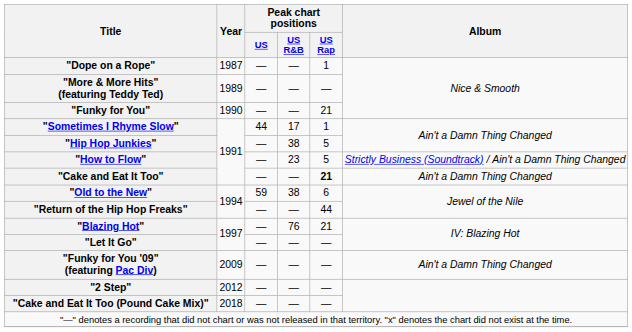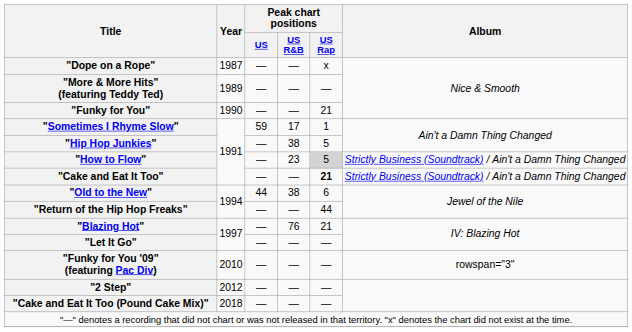 <table class="wikitable plainrowheaders" style="text-align:center;">
 <tr>
 <th rowspan="2" scope="col" style="width:20em;">Title</th>
 <th rowspan="2" scope="col">Year</th>
 <th colspan="3" scope="col">Peak chart positions</th>
 <th rowspan="2" scope="col">Album</th>
 </tr>
 <tr>
 <th scope="col" style="width:3em;font-size:90%;"><a href='#'>US</a><br></th>
 <th scope="col" style="width:3em;font-size:90%;"><a href='#'>US R&B</a><br></th>
 <th scope="col" style="width:3em;font-size:90%;"><a href='#'>US Rap</a><br></th>
 </tr>
 <tr>
 <th scope="row">"Dope on a Rope"</th>
 <td>1987</td>
 <td>—</td>
 <td>—</td>
-<td>1</td>
+<td>x</td>
 <td rowspan="3"><em>Nice & Smooth</em></td>
 </tr>
 <tr>
 <th scope="row">"More & More Hits"<br><span>(featuring Teddy Ted)</span></th>
 <td>1989</td>
 <td>—</td>
 <td>—</td>
 <td>—</td>
 </tr>
 <tr>
 <th scope="row">"Funky for You"</th>
 <td>1990</td>
 <td>—</td>
 <td>—</td>
 <td>21</td>
 </tr>
 <tr>
 <th scope="row">"<a href='#'>Sometimes I Rhyme Slow</a>"</th>
 <td rowspan="4">1991</td>
-<td>44</td>
+<td>59</td>
 <td>17</td>
 <td>1</td>
 <td rowspan="2"><em>Ain't a Damn Thing Changed</em></td>
 </tr>
 <tr>
 <th scope="row">"<a href='#'>Hip Hop Junkies</a>"</th>
 <td>—</td>
 <td>38</td>
 <td>5</td>
 </tr>
 <tr>
 <th scope="row">"<a href='#'>How to Flow</a>"</th>
 <td>—</td>
 <td>23</td>
-<td>5</td>
+<td style="background: lightgrey;">5</td>
 <td><em><a href='#'>Strictly Business (Soundtrack)</a> /</em> <em>Ain't a Damn Thing Changed</em></td>
 </tr>
 <tr>
 <th scope="row">"Cake and Eat It Too"</th>
 <td>—</td>
 <td>—</td>
 <td><strong>21</strong></td>
-<td><em>Ain't a Damn Thing Changed</em></td>
+<td><em><a href='#'>Strictly Business (Soundtrack)</a> /</em> <em>Ain't a Damn Thing Changed</em></td>
 </tr>
 <tr>
 <th scope="row">"<a href='#'>Old to the New</a>"</th>
 <td rowspan="2">1994</td>
-<td>59</td>
+<td>44</td>
 <td>38</td>
 <td>6</td>
 <td rowspan="2"><em>Jewel of the Nile</em></td>
 </tr>
 <tr>
 <th scope="row">"Return of the Hip Hop Freaks"</th>
 <td>—</td>
 <td>—</td>
 <td>44</td>
 </tr>
 <tr>
 <th scope="row">"<a href='#'>Blazing Hot</a>"</th>
 <td rowspan="2">1997</td>
 <td>—</td>
 <td>76</td>
 <td>21</td>
 <td rowspan="2"><em>IV: Blazing Hot</em></td>
 </tr>
 <tr>
 <th scope="row">"Let It Go"</th>
 <td>—</td>
 <td>—</td>
 <td>—</td>
 </tr>
 <tr>
 <th scope="row">"Funky for You '09"<br><span>(featuring <a href='#'>Pac Div</a>)</span></th>
-<td>2009</td>
+<td>2010</td>
 <td>—</td>
 <td>—</td>
 <td>—</td>
-<td><em>Ain't a Damn Thing Changed</em></td>
+<td>rowspan="3" </td>
 </tr>
 <tr>
 <th scope="row">"2 Step"</th>
 <td>2012</td>
 <td>—</td>
 <td>—</td>
 <td>—</td>
 </tr>
 <tr>
 <th scope="row">"Cake and Eat It Too (Pound Cake Mix)"</th>
 <td>2018</td>
 <td>—</td>
 <td>—</td>
 <td>—</td>
 </tr>
 <tr>
 <td colspan="6" style="font-size:90%">"—" denotes a recording that did not chart or was not released in that territory. "x" denotes the chart did not exist at the time.</td>
 </tr>
 <tr>
 </tr>
 </table>
